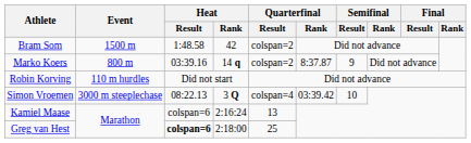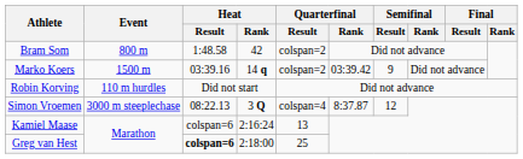 <table class="wikitable" style="font-size:90%">
 <tr>
 <th rowspan="2">Athlete</th>
 <th rowspan="2">Event</th>
 <th colspan="2">Heat</th>
 <th colspan="2">Quarterfinal</th>
 <th colspan="2">Semifinal</th>
 <th colspan="2">Final</th>
 </tr>
 <tr style="font-size:95%">
 <th>Result</th>
 <th>Rank</th>
 <th>Result</th>
 <th>Rank</th>
 <th>Result</th>
 <th>Rank</th>
 <th>Result</th>
 <th>Rank</th>
 </tr>
 <tr align=center>
 <td><a href='#'>Bram Som</a></td>
-<td><a href='#'>1500 m</a></td>
+<td><a href='#'>800 m</a></td>
 <td>1:48.58</td>
 <td>42</td>
 <td>colspan=2 </td>
 <td colspan=4>Did not advance</td>
 </tr>
 <tr align=center>
 <td><a href='#'>Marko Koers</a></td>
-<td><a href='#'>800 m</a></td>
+<td><a href='#'>1500 m</a></td>
 <td>03:39.16</td>
 <td>14 <strong>q</strong></td>
 <td>colspan=2 </td>
-<td>8:37.87</td>
+<td>03:39.42</td>
 <td>9</td>
 <td colspan=2>Did not advance</td>
 </tr>
 <tr align=center>
 <td><a href='#'>Robin Korving</a></td>
 <td><a href='#'>110 m hurdles</a></td>
 <td colspan=2>Did not start</td>
 <td colspan=6>Did not advance</td>
 </tr>
 <tr align=center>
 <td><a href='#'>Simon Vroemen</a></td>
 <td><a href='#'>3000 m steeplechase</a></td>
 <td>08:22.13</td>
 <td>3 <strong>Q</strong></td>
 <td>colspan=4 </td>
-<td>03:39.42</td>
-<td>10</td>
+<td>8:37.87</td>
+<td>12</td>
 </tr>
 <tr align=center>
 <td><a href='#'>Kamiel Maase</a></td>
 <td rowspan=2><a href='#'>Marathon</a></td>
 <td>colspan=6 </td>
 <td>2:16:24</td>
 <td>13</td>
 </tr>
 <tr align=center>
 <td><a href='#'>Greg van Hest</a></td>
 <td><strong>colspan=6 </strong></td>
 <td>2:18:00</td>
 <td>25</td>
 </tr>
 </table>
